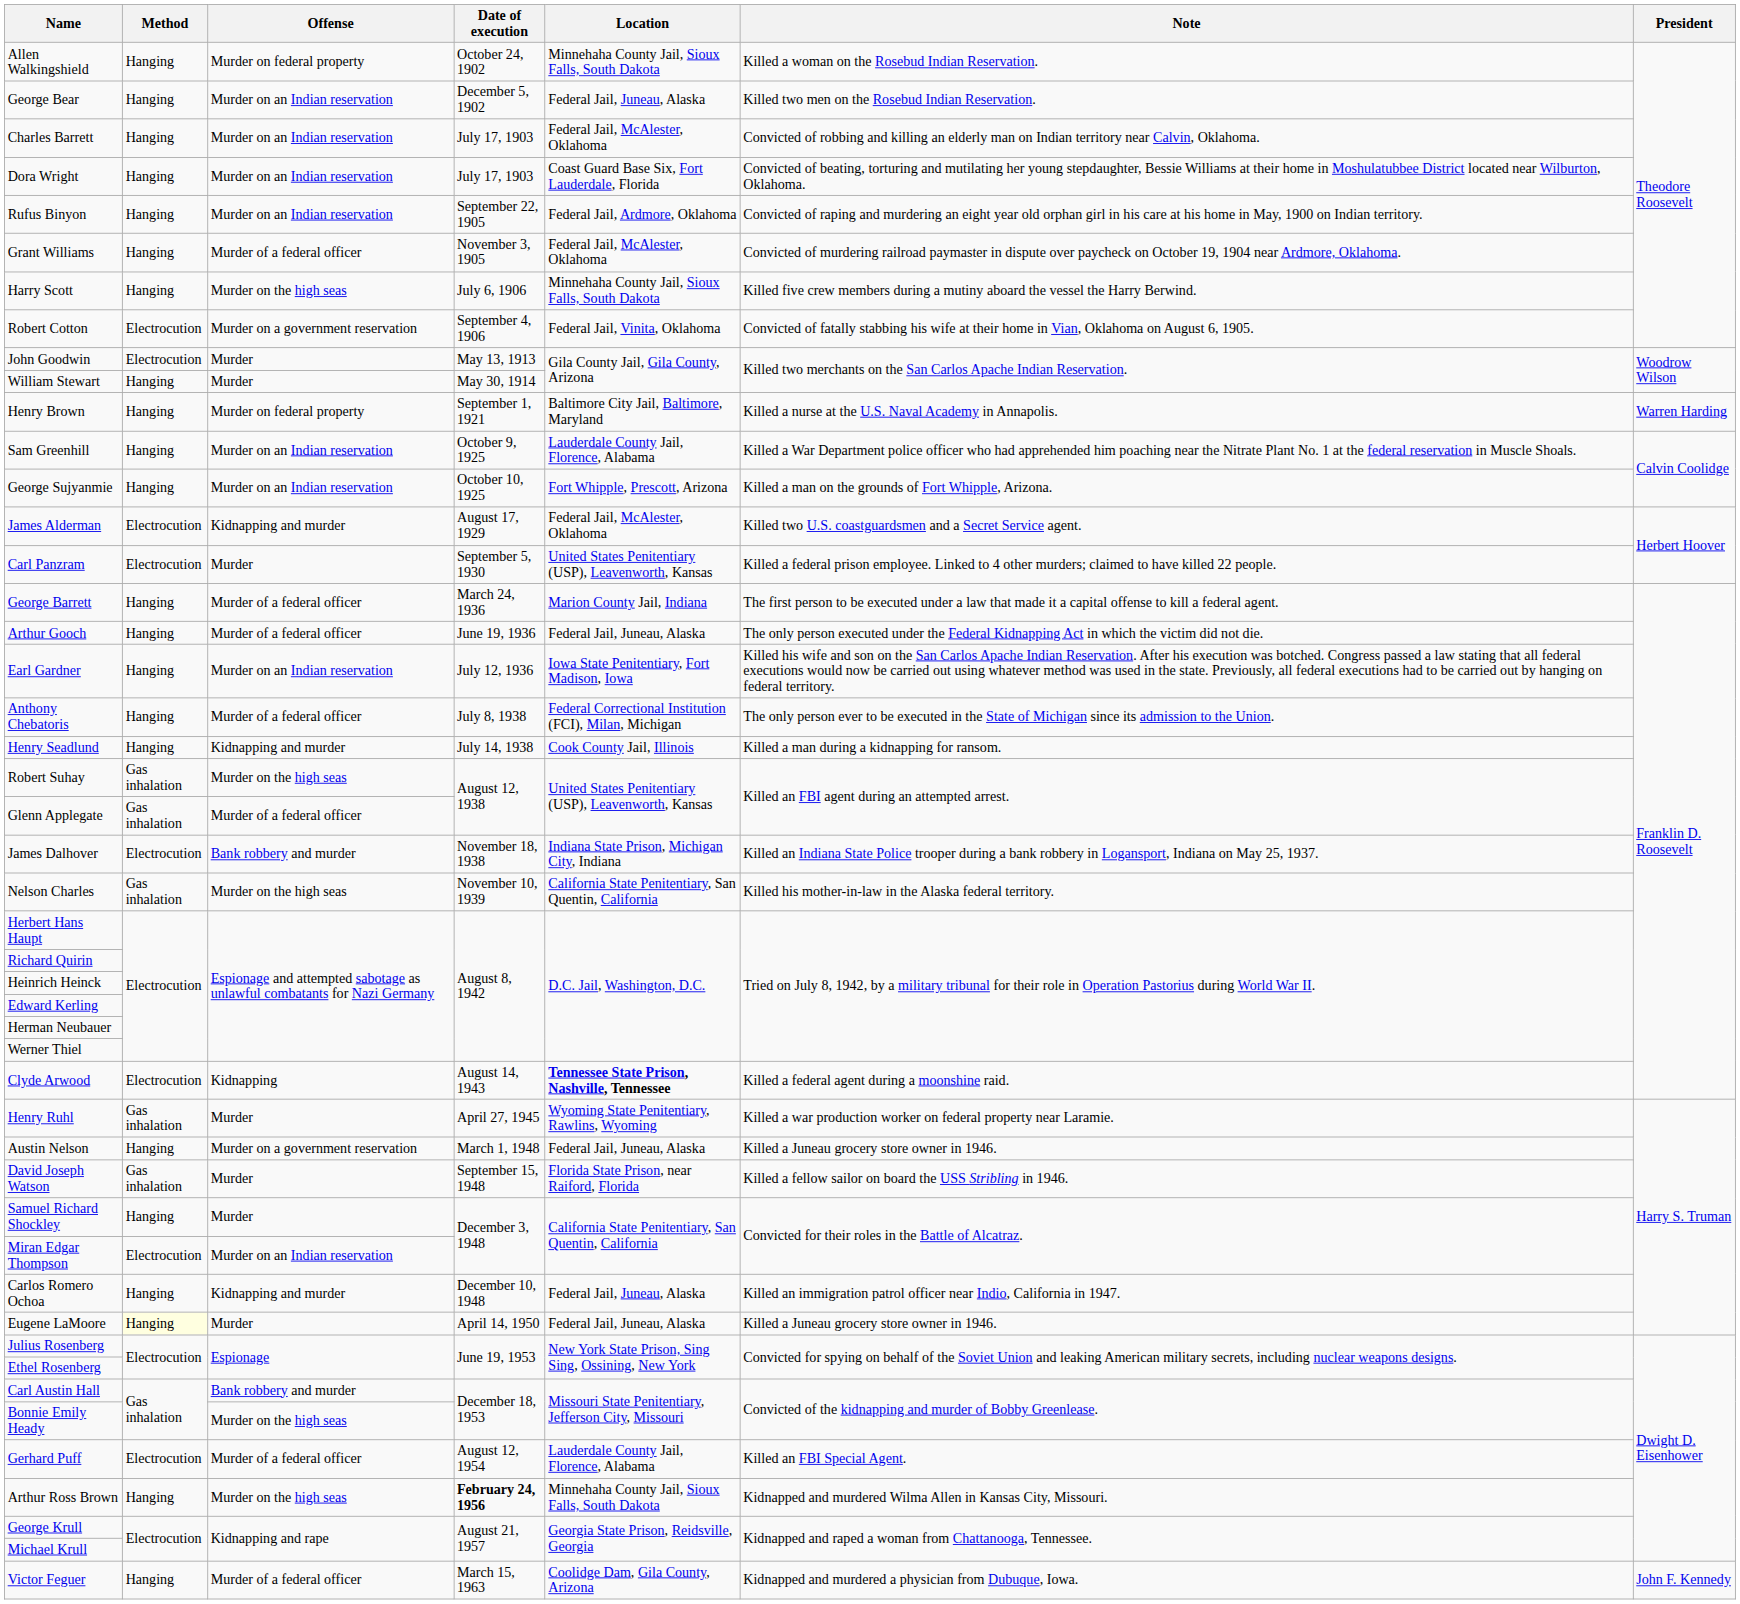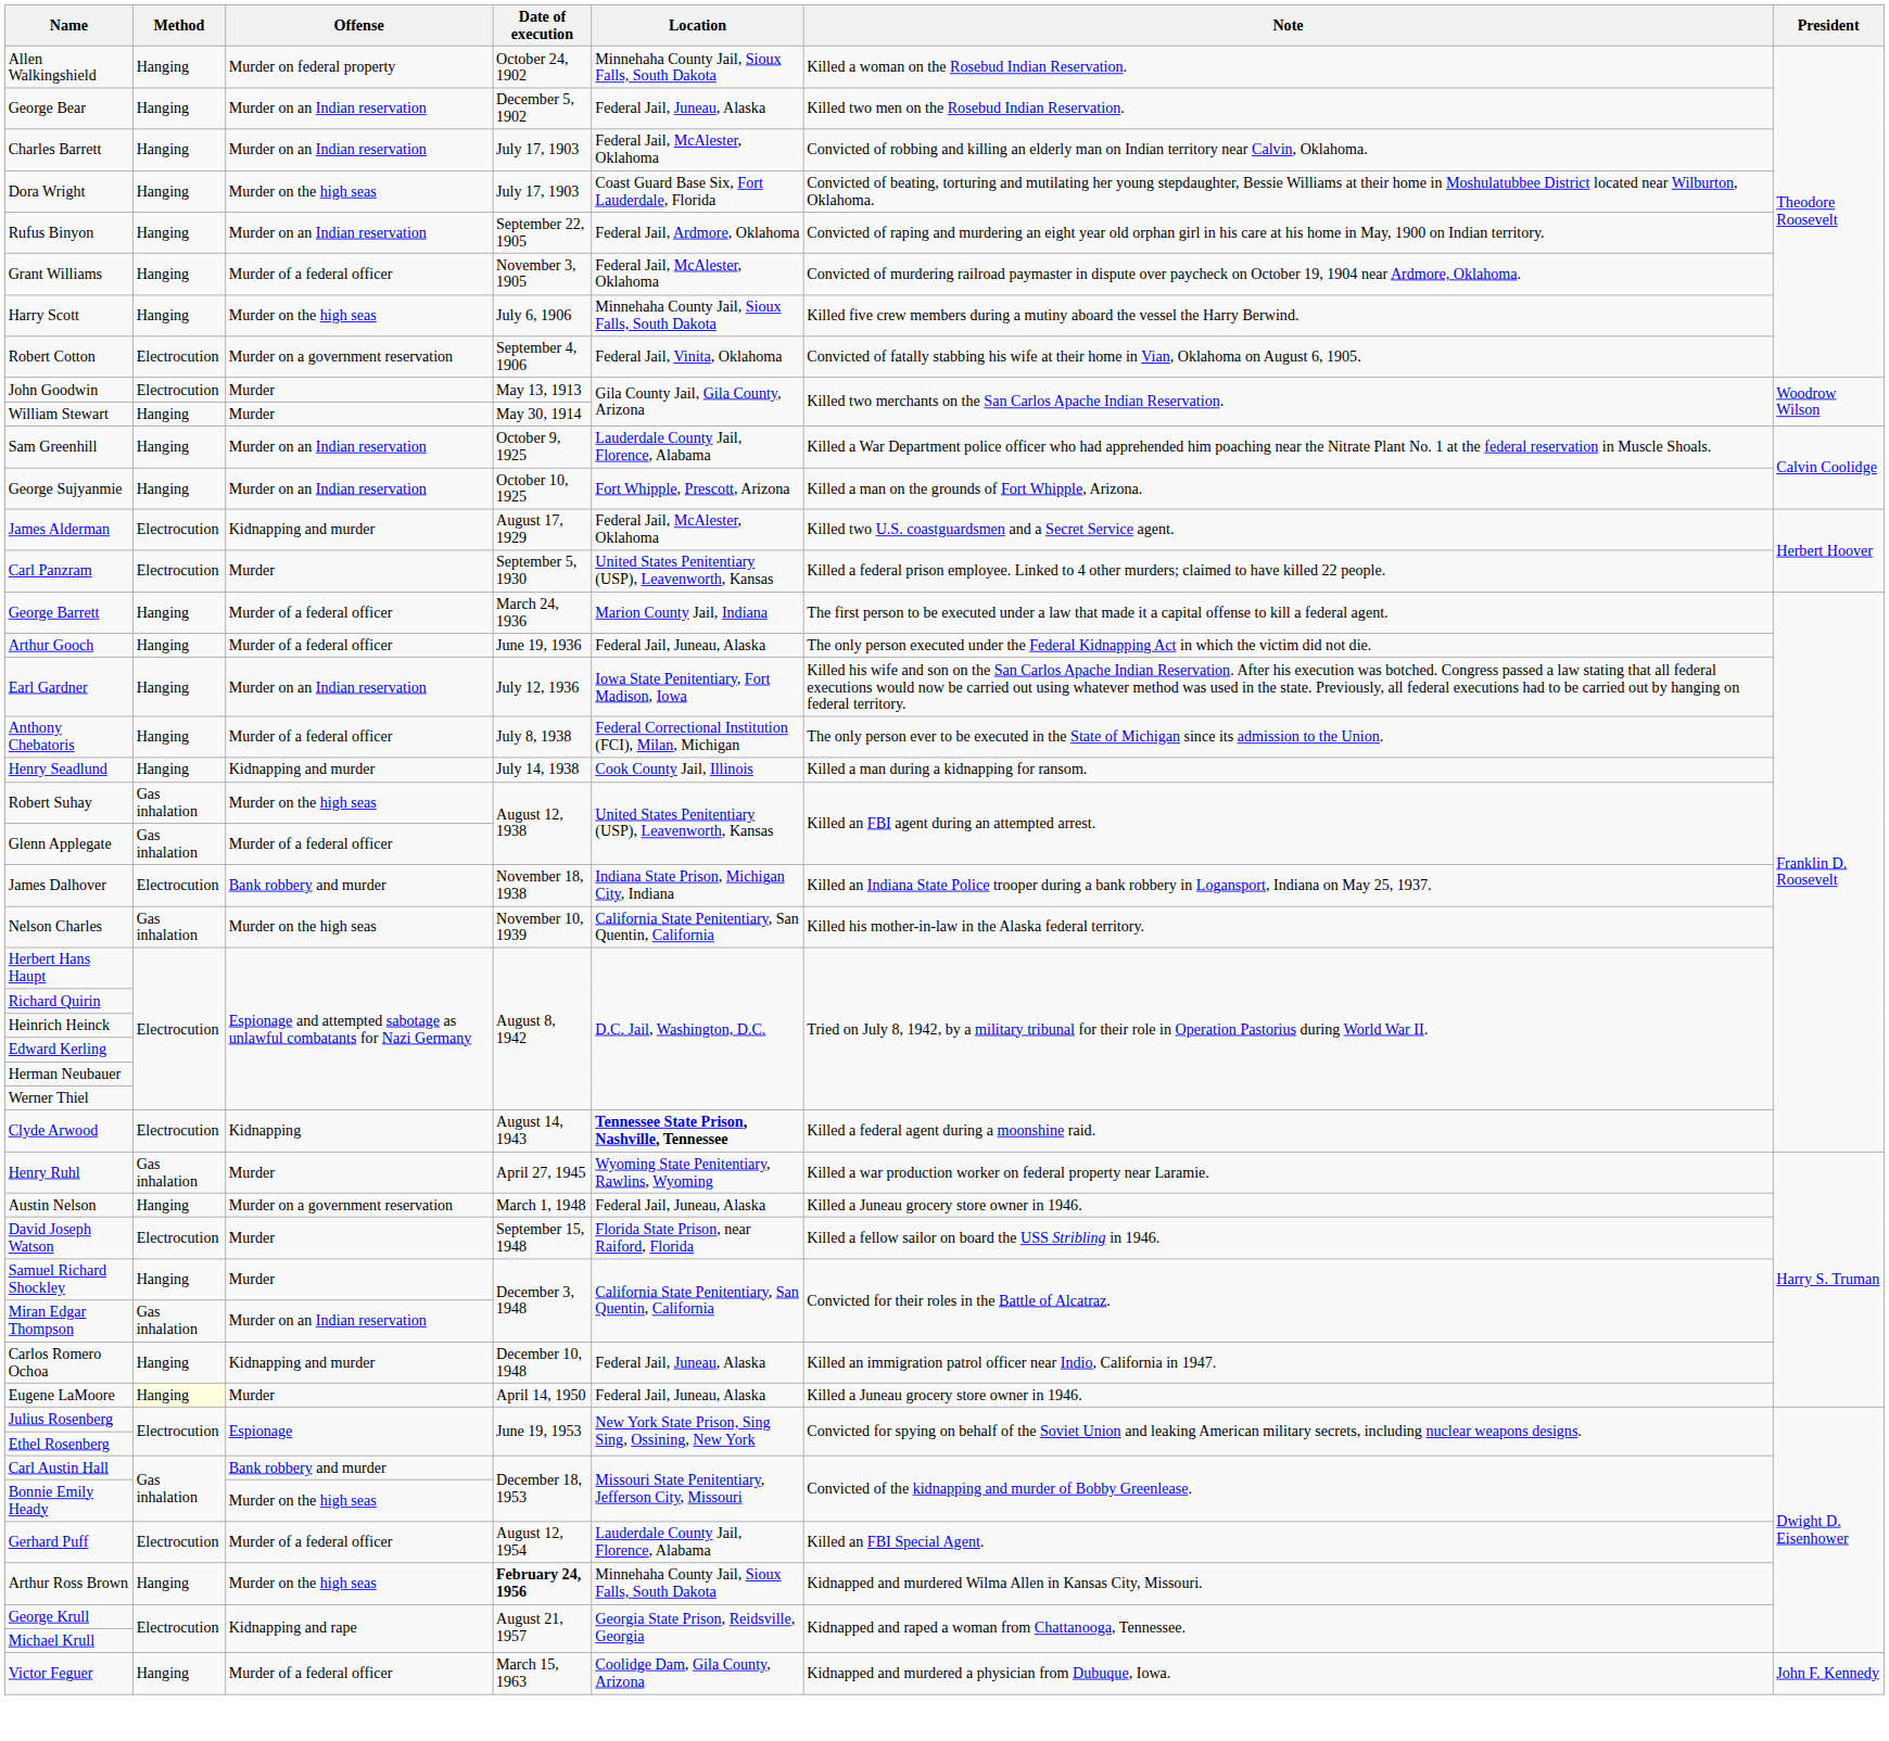 <table class="wikitable sortable">
 <tr --->
 <th>Name</th>
 <th>Method</th>
 <th>Offense</th>
 <th>Date of execution</th>
 <th>Location</th>
 <th>Note</th>
 <th>President</th>
 </tr>
 <tr --->
 <td>Allen Walkingshield</td>
 <td>Hanging</td>
 <td>Murder on federal property</td>
 <td>October 24, 1902</td>
 <td>Minnehaha County Jail, <a href='#'>Sioux Falls, South Dakota</a></td>
 <td>Killed a woman on the <a href='#'>Rosebud Indian Reservation</a>.</td>
 <td rowspan="8"><a href='#'>Theodore Roosevelt</a></td>
 </tr>
 <tr --->
 <td>George Bear</td>
 <td>Hanging</td>
 <td>Murder on an <a href='#'>Indian reservation</a></td>
 <td>December 5, 1902</td>
 <td>Federal Jail, <a href='#'>Juneau</a>, Alaska</td>
 <td>Killed two men on the <a href='#'>Rosebud Indian Reservation</a>.</td>
 </tr>
 <tr --->
 <td>Charles Barrett</td>
 <td>Hanging</td>
 <td>Murder on an <a href='#'>Indian reservation</a></td>
 <td>July 17, 1903</td>
 <td>Federal Jail, <a href='#'>McAlester</a>, Oklahoma</td>
 <td>Convicted of robbing and killing an elderly man on Indian territory near <a href='#'>Calvin</a>, Oklahoma.</td>
 </tr>
 <tr --->
 <td>Dora Wright</td>
 <td>Hanging</td>
-<td>Murder on an <a href='#'>Indian reservation</a></td>
+<td>Murder on the <a href='#'>high seas</a></td>
 <td>July 17, 1903</td>
 <td>Coast Guard Base Six, <a href='#'>Fort Lauderdale</a>, Florida</td>
 <td>Convicted of beating, torturing and mutilating her young stepdaughter, Bessie Williams at their home in <a href='#'>Moshulatubbee District</a> located near <a href='#'>Wilburton</a>, Oklahoma.</td>
 </tr>
 <tr --->
 <td>Rufus Binyon</td>
 <td>Hanging</td>
 <td>Murder on an <a href='#'>Indian reservation</a></td>
 <td>September 22, 1905</td>
 <td>Federal Jail, <a href='#'>Ardmore</a>, Oklahoma</td>
 <td>Convicted of raping and murdering an eight year old orphan girl in his care at his home in May, 1900 on Indian territory.</td>
 </tr>
 <tr --->
 <td>Grant Williams</td>
 <td>Hanging</td>
 <td>Murder of a federal officer</td>
 <td>November 3, 1905</td>
 <td>Federal Jail, <a href='#'>McAlester</a>, Oklahoma</td>
 <td>Convicted of murdering railroad paymaster in dispute over paycheck on October 19, 1904 near <a href='#'>Ardmore, Oklahoma</a>.</td>
 </tr>
 <tr --->
 <td>Harry Scott</td>
 <td>Hanging</td>
 <td>Murder on the <a href='#'>high seas</a></td>
 <td>July 6, 1906</td>
 <td>Minnehaha County Jail, <a href='#'>Sioux Falls, South Dakota</a></td>
 <td>Killed five crew members during a mutiny aboard the vessel the Harry Berwind.</td>
 </tr>
 <tr --->
 <td>Robert Cotton</td>
 <td>Electrocution</td>
 <td>Murder on a government reservation</td>
 <td>September 4, 1906</td>
 <td>Federal Jail, <a href='#'>Vinita</a>, Oklahoma</td>
 <td>Convicted of fatally stabbing his wife at their home in <a href='#'>Vian</a>, Oklahoma on August 6, 1905.</td>
 </tr>
 <tr --->
 <td>John Goodwin</td>
 <td>Electrocution</td>
 <td>Murder</td>
 <td>May 13, 1913</td>
 <td rowspan="2">Gila County Jail, <a href='#'>Gila County</a>, Arizona</td>
 <td rowspan="2">Killed two merchants on the <a href='#'>San Carlos Apache Indian Reservation</a>.</td>
 <td rowspan="2"><a href='#'>Woodrow Wilson</a></td>
 </tr>
 <tr --->
 <td>William Stewart</td>
 <td>Hanging</td>
 <td>Murder</td>
 <td>May 30, 1914</td>
-</tr>
-<tr --->
-<td>Henry Brown</td>
-<td>Hanging</td>
-<td>Murder on federal property</td>
-<td>September 1, 1921</td>
-<td>Baltimore City Jail, <a href='#'>Baltimore</a>, Maryland</td>
-<td>Killed a nurse at the <a href='#'>U.S. Naval Academy</a> in Annapolis.</td>
-<td rowspan="1"><a href='#'>Warren Harding</a></td>
 </tr>
 <tr --->
 <td>Sam Greenhill</td>
 <td>Hanging</td>
 <td>Murder on an <a href='#'>Indian reservation</a></td>
 <td>October 9, 1925</td>
 <td><a href='#'>Lauderdale County</a> Jail, <a href='#'>Florence</a>, Alabama</td>
 <td>Killed a War Department police officer who had apprehended him poaching near the Nitrate Plant No. 1 at the <a href='#'>federal reservation</a> in Muscle Shoals.</td>
 <td rowspan="2"><a href='#'>Calvin Coolidge</a></td>
 </tr>
 <tr --->
 <td>George Sujyanmie</td>
 <td>Hanging</td>
 <td>Murder on an <a href='#'>Indian reservation</a></td>
 <td>October 10, 1925</td>
 <td><a href='#'>Fort Whipple</a>, <a href='#'>Prescott</a>, Arizona</td>
 <td>Killed a man on the grounds of <a href='#'>Fort Whipple</a>, Arizona.</td>
 </tr>
 <tr --->
 <td><a href='#'>James Alderman</a></td>
 <td>Electrocution</td>
 <td>Kidnapping and murder</td>
 <td>August 17, 1929</td>
 <td>Federal Jail, <a href='#'>McAlester</a>, Oklahoma</td>
 <td>Killed two <a href='#'>U.S. coastguardsmen</a> and a <a href='#'>Secret Service</a> agent.</td>
 <td rowspan="2"><a href='#'>Herbert Hoover</a></td>
 </tr>
 <tr --->
 <td><a href='#'>Carl Panzram</a></td>
 <td>Electrocution</td>
 <td>Murder</td>
 <td>September 5, 1930</td>
 <td><a href='#'>United States Penitentiary</a> (USP), <a href='#'>Leavenworth</a>, Kansas</td>
 <td>Killed a federal prison employee. Linked to 4 other murders; claimed to have killed 22 people.</td>
 </tr>
 <tr --->
 <td><a href='#'>George Barrett</a></td>
 <td>Hanging</td>
 <td>Murder of a federal officer</td>
 <td>March 24, 1936</td>
 <td><a href='#'>Marion County</a> Jail, <a href='#'>Indiana</a></td>
 <td>The first person to be executed under a law that made it a capital offense to kill a federal agent.</td>
 <td rowspan="16"><a href='#'>Franklin D. Roosevelt</a></td>
 </tr>
 <tr --->
 <td><a href='#'>Arthur Gooch</a></td>
 <td>Hanging</td>
 <td>Murder of a federal officer</td>
 <td>June 19, 1936</td>
 <td>Federal Jail, Juneau, Alaska</td>
 <td>The only person executed under the <a href='#'>Federal Kidnapping Act</a> in which the victim did not die.</td>
 </tr>
 <tr --->
 <td><a href='#'>Earl Gardner</a></td>
 <td>Hanging</td>
 <td>Murder on an <a href='#'>Indian reservation</a></td>
 <td>July 12, 1936</td>
 <td><a href='#'>Iowa State Penitentiary</a>, <a href='#'>Fort Madison</a>, <a href='#'>Iowa</a></td>
 <td>Killed his wife and son on the <a href='#'>San Carlos Apache Indian Reservation</a>. After his execution was botched. Congress passed a law stating that all federal executions would now be carried out using whatever method was used in the state. Previously, all federal executions had to be carried out by hanging on federal territory.</td>
 </tr>
 <tr --->
 <td><a href='#'>Anthony Chebatoris</a></td>
 <td>Hanging</td>
 <td>Murder of a federal officer</td>
 <td>July 8, 1938</td>
 <td><a href='#'>Federal Correctional Institution</a> (FCI), <a href='#'>Milan</a>, Michigan</td>
 <td>The only person ever to be executed in the <a href='#'>State of Michigan</a> since its <a href='#'>admission to the Union</a>.</td>
 </tr>
 <tr --->
 <td><a href='#'>Henry Seadlund</a></td>
 <td>Hanging</td>
 <td>Kidnapping and murder</td>
 <td>July 14, 1938</td>
 <td><a href='#'>Cook County</a> Jail, <a href='#'>Illinois</a></td>
 <td>Killed a man during a kidnapping for ransom.</td>
 </tr>
 <tr --->
 <td>Robert Suhay</td>
 <td>Gas inhalation</td>
 <td>Murder on the <a href='#'>high seas</a></td>
 <td rowspan="2">August 12, 1938</td>
 <td rowspan="2"><a href='#'>United States Penitentiary</a> (USP), <a href='#'>Leavenworth</a>, Kansas</td>
 <td rowspan="2">Killed an <a href='#'>FBI</a> agent during an attempted arrest.</td>
 </tr>
 <tr --->
 <td>Glenn Applegate</td>
 <td>Gas inhalation</td>
 <td>Murder of a federal officer</td>
 </tr>
 <tr --->
 <td>James Dalhover</td>
 <td>Electrocution</td>
 <td><a href='#'>Bank robbery</a> and murder</td>
 <td>November 18, 1938</td>
 <td><a href='#'>Indiana State Prison</a>, <a href='#'>Michigan City</a>, Indiana</td>
 <td>Killed an <a href='#'>Indiana State Police</a> trooper during a bank robbery in <a href='#'>Logansport</a>, Indiana on May 25, 1937.</td>
 </tr>
 <tr --->
 <td>Nelson Charles</td>
 <td>Gas inhalation</td>
 <td>Murder on the high seas</td>
 <td>November 10, 1939</td>
 <td><a href='#'>California State Penitentiary</a>, San Quentin, <a href='#'>California</a></td>
 <td>Killed his mother-in-law in the Alaska federal territory.</td>
 </tr>
 <tr --->
 <td><a href='#'>Herbert Hans Haupt</a></td>
 <td rowspan="6">Electrocution</td>
 <td rowspan="6"><a href='#'>Espionage</a> and attempted <a href='#'>sabotage</a> as <a href='#'>unlawful combatants</a> for <a href='#'>Nazi Germany</a></td>
 <td rowspan="6">August 8, 1942</td>
 <td rowspan="6"><a href='#'>D.C. Jail</a>, <a href='#'>Washington, D.C.</a></td>
 <td rowspan="6">Tried on July 8, 1942, by a <a href='#'>military tribunal</a> for their role in <a href='#'>Operation Pastorius</a> during <a href='#'>World War II</a>.</td>
 </tr>
 <tr --->
 <td><a href='#'>Richard Quirin</a></td>
 </tr>
 <tr --->
 <td>Heinrich Heinck</td>
 </tr>
 <tr --->
 <td><a href='#'>Edward Kerling</a></td>
 </tr>
 <tr --->
 <td>Herman Neubauer</td>
 </tr>
 <tr --->
 <td>Werner Thiel</td>
 </tr>
 <tr --->
 <td><a href='#'>Clyde Arwood</a></td>
 <td>Electrocution</td>
 <td>Kidnapping</td>
 <td>August 14, 1943</td>
 <td><strong><a href='#'>Tennessee State Prison</a>, <a href='#'>Nashville</a>, Tennessee</strong></td>
 <td>Killed a federal agent during a <a href='#'>moonshine</a> raid.</td>
 </tr>
 <tr --->
 <td><a href='#'>Henry Ruhl</a></td>
 <td>Gas inhalation</td>
 <td>Murder</td>
 <td>April 27, 1945</td>
 <td><a href='#'>Wyoming State Penitentiary</a>, <a href='#'>Rawlins</a>, <a href='#'>Wyoming</a></td>
 <td>Killed a war production worker on federal property near Laramie.</td>
 <td rowspan="7"><a href='#'>Harry S. Truman</a></td>
 </tr>
 <tr --->
 <td>Austin Nelson</td>
 <td>Hanging</td>
 <td>Murder on a government reservation</td>
 <td>March 1, 1948</td>
 <td>Federal Jail, Juneau, Alaska</td>
 <td>Killed a Juneau grocery store owner in 1946.</td>
 </tr>
 <tr --->
 <td><a href='#'>David Joseph Watson</a></td>
-<td>Gas inhalation</td>
+<td>Electrocution</td>
 <td>Murder</td>
 <td>September 15, 1948</td>
 <td><a href='#'>Florida State Prison</a>, near <a href='#'>Raiford</a>, <a href='#'>Florida</a></td>
 <td>Killed a fellow sailor on board the <a href='#'>USS <em>Stribling</em></a> in 1946.</td>
 </tr>
 <tr --->
 <td><a href='#'>Samuel Richard Shockley</a></td>
 <td>Hanging</td>
 <td>Murder</td>
 <td rowspan="2">December 3, 1948</td>
 <td rowspan="2"><a href='#'>California State Penitentiary</a>, <a href='#'>San Quentin</a>, <a href='#'>California</a></td>
 <td rowspan="2">Convicted for their roles in the <a href='#'>Battle of Alcatraz</a>.</td>
 </tr>
 <tr --->
 <td><a href='#'>Miran Edgar Thompson</a></td>
-<td>Electrocution</td>
+<td>Gas inhalation</td>
 <td>Murder on an <a href='#'>Indian reservation</a></td>
 </tr>
 <tr --->
 <td>Carlos Romero Ochoa</td>
 <td>Hanging</td>
 <td>Kidnapping and murder</td>
 <td>December 10, 1948</td>
 <td>Federal Jail, <a href='#'>Juneau</a>, Alaska</td>
 <td>Killed an immigration patrol officer near <a href='#'>Indio</a>, California in 1947.</td>
 </tr>
 <tr --->
 <td>Eugene LaMoore</td>
 <td style="background: lightyellow;">Hanging</td>
 <td>Murder</td>
 <td>April 14, 1950</td>
 <td>Federal Jail, Juneau, Alaska</td>
 <td>Killed a Juneau grocery store owner in 1946.</td>
 </tr>
 <tr --->
 <td><a href='#'>Julius Rosenberg</a></td>
 <td rowspan="2">Electrocution</td>
 <td rowspan="2"><a href='#'>Espionage</a></td>
 <td rowspan="2">June 19, 1953</td>
 <td rowspan="2"><a href='#'>New York State Prison, Sing Sing</a>, <a href='#'>Ossining</a>, <a href='#'>New York</a></td>
 <td rowspan="2">Convicted for spying on behalf of the <a href='#'>Soviet Union</a> and leaking American military secrets, including <a href='#'>nuclear weapons designs</a>.</td>
 <td rowspan="8"><a href='#'>Dwight D. Eisenhower</a></td>
 </tr>
 <tr --->
 <td><a href='#'>Ethel Rosenberg</a></td>
 </tr>
 <tr --->
 <td><a href='#'>Carl Austin Hall</a></td>
 <td rowspan="2">Gas inhalation</td>
 <td><a href='#'>Bank robbery</a> and murder</td>
 <td rowspan="2">December 18, 1953</td>
 <td rowspan="2"><a href='#'>Missouri State Penitentiary</a>, <a href='#'>Jefferson City</a>, <a href='#'>Missouri</a></td>
 <td rowspan="2">Convicted of the <a href='#'>kidnapping and murder of Bobby Greenlease</a>.</td>
 </tr>
 <tr --->
 <td><a href='#'>Bonnie Emily Heady</a></td>
 <td>Murder on the <a href='#'>high seas</a></td>
 </tr>
 <tr --->
 <td><a href='#'>Gerhard Puff</a></td>
 <td>Electrocution</td>
 <td>Murder of a federal officer</td>
 <td>August 12, 1954</td>
 <td><a href='#'>Lauderdale County</a> Jail, <a href='#'>Florence</a>, Alabama</td>
 <td>Killed an <a href='#'>FBI Special Agent</a>.</td>
 </tr>
 <tr --->
 <td>Arthur Ross Brown</td>
 <td>Hanging</td>
 <td>Murder on the <a href='#'>high seas</a></td>
 <td><strong>February 24, 1956</strong></td>
 <td>Minnehaha County Jail, <a href='#'>Sioux Falls, South Dakota</a></td>
 <td>Kidnapped and murdered Wilma Allen in Kansas City, Missouri.</td>
 </tr>
 <tr --->
 <td><a href='#'>George Krull</a></td>
 <td rowspan="2">Electrocution</td>
 <td rowspan="2">Kidnapping and rape</td>
 <td rowspan="2">August 21, 1957</td>
 <td rowspan="2"><a href='#'>Georgia State Prison</a>, <a href='#'>Reidsville</a>, <a href='#'>Georgia</a></td>
 <td rowspan="2">Kidnapped and raped a woman from <a href='#'>Chattanooga</a>, Tennessee.</td>
 </tr>
 <tr --->
 <td><a href='#'>Michael Krull</a></td>
 </tr>
 <tr --->
 <td><a href='#'>Victor Feguer</a></td>
 <td>Hanging</td>
 <td>Murder of a federal officer</td>
 <td>March 15, 1963</td>
 <td><a href='#'>Coolidge Dam</a>, <a href='#'>Gila County</a>, <a href='#'>Arizona</a></td>
 <td>Kidnapped and murdered a physician from <a href='#'>Dubuque</a>, Iowa.</td>
 <td><a href='#'>John F. Kennedy</a></td>
 </tr>
 </table>
